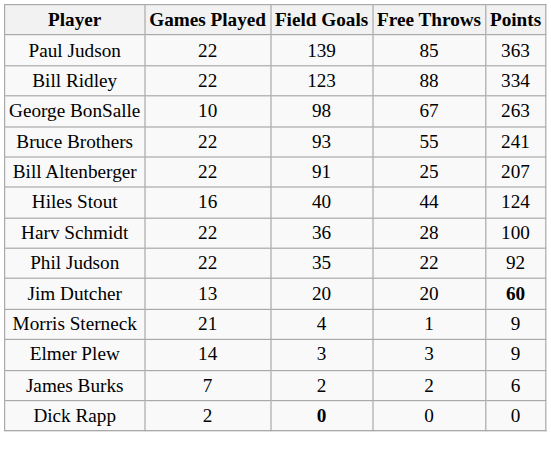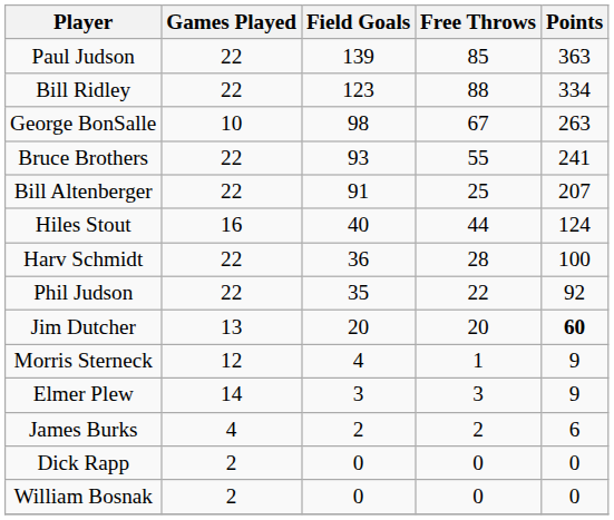 <table class="wikitable sortable">
 <tr>
 <th>Player</th>
 <th>Games Played</th>
 <th>Field Goals</th>
 <th>Free Throws</th>
 <th>Points</th>
 </tr>
 <tr align="center" bgcolor="">
 <td>Paul Judson</td>
 <td>22</td>
 <td>139</td>
 <td>85</td>
 <td>363</td>
 </tr>
 <tr align="center" bgcolor="">
 <td>Bill Ridley</td>
 <td>22</td>
 <td>123</td>
 <td>88</td>
 <td>334</td>
 </tr>
 <tr align="center" bgcolor="">
 <td>George BonSalle</td>
 <td>10</td>
 <td>98</td>
 <td>67</td>
 <td>263</td>
 </tr>
 <tr align="center" bgcolor="">
 <td>Bruce Brothers</td>
 <td>22</td>
 <td>93</td>
 <td>55</td>
 <td>241</td>
 </tr>
 <tr align="center" bgcolor="">
 <td>Bill Altenberger</td>
 <td>22</td>
 <td>91</td>
 <td>25</td>
 <td>207</td>
 </tr>
 <tr align="center" bgcolor="">
 <td>Hiles Stout</td>
 <td>16</td>
 <td>40</td>
 <td>44</td>
 <td>124</td>
 </tr>
 <tr align="center" bgcolor="">
 <td>Harv Schmidt</td>
 <td>22</td>
 <td>36</td>
 <td>28</td>
 <td>100</td>
 </tr>
 <tr align="center" bgcolor="">
 <td>Phil Judson</td>
 <td>22</td>
 <td>35</td>
 <td>22</td>
 <td>92</td>
 </tr>
 <tr align="center" bgcolor="">
 <td>Jim Dutcher</td>
 <td>13</td>
 <td>20</td>
 <td>20</td>
 <td><strong>60</strong></td>
 </tr>
 <tr align="center" bgcolor="">
 <td>Morris Sterneck</td>
-<td>21</td>
+<td>12</td>
 <td>4</td>
 <td>1</td>
 <td>9</td>
 </tr>
 <tr align="center" bgcolor="">
 <td>Elmer Plew</td>
 <td>14</td>
 <td>3</td>
 <td>3</td>
 <td>9</td>
 </tr>
 <tr align="center" bgcolor="">
 <td>James Burks</td>
-<td>7</td>
+<td>4</td>
 <td>2</td>
 <td>2</td>
 <td>6</td>
 </tr>
 <tr align="center" bgcolor="">
 <td>Dick Rapp</td>
 <td>2</td>
-<td><strong>0</strong></td>
+<td>0</td>
+<td>0</td>
+<td>0</td>
+</tr>
+<tr align="center" bgcolor="">
+<td>William Bosnak</td>
+<td>2</td>
+<td>0</td>
 <td>0</td>
 <td>0</td>
 </tr>
 <tr align="center" bgcolor="">
 </tr>
 </table>
